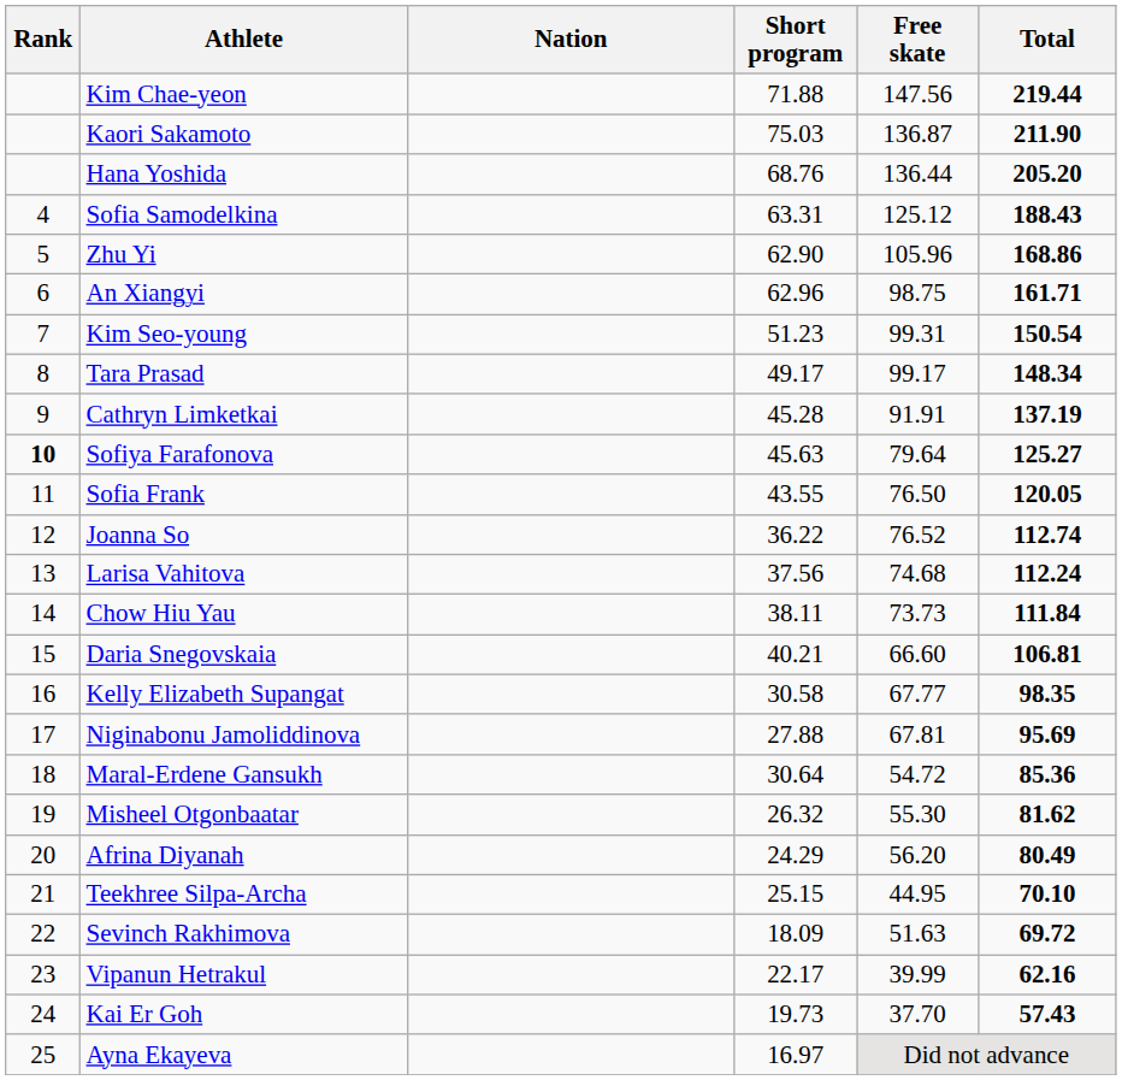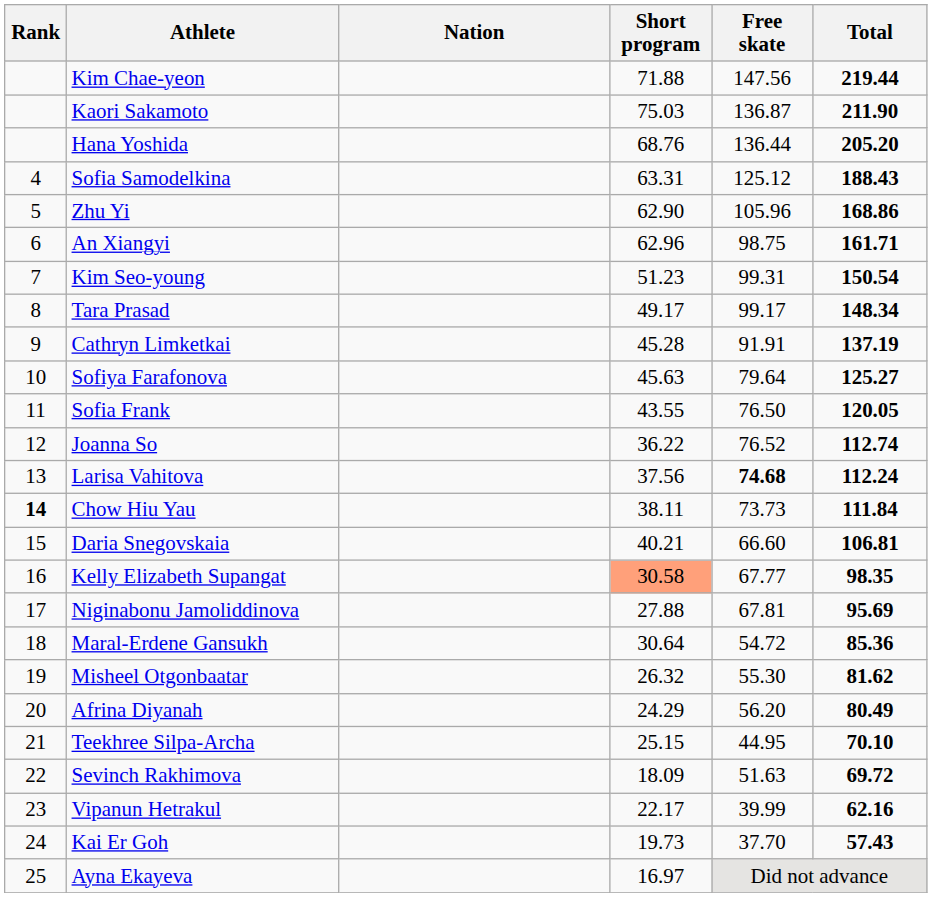 <table class="wikitable sortable" style="text-align:center" sortable>
 <tr>
 <th width=40>Rank</th>
 <th width=200>Athlete</th>
 <th width=200>Nation</th>
 <th width=70>Short program</th>
 <th width=70>Free skate</th>
 <th width=80>Total</th>
 </tr>
 <tr>
 <td></td>
 <td align=left><a href='#'>Kim Chae-yeon</a></td>
 <td align=left></td>
 <td>71.88</td>
 <td>147.56</td>
 <td><strong>219.44</strong></td>
 </tr>
 <tr>
 <td></td>
 <td align=left><a href='#'>Kaori Sakamoto</a></td>
 <td align=left></td>
 <td>75.03</td>
 <td>136.87</td>
 <td><strong>211.90</strong></td>
 </tr>
 <tr>
 <td></td>
 <td align=left><a href='#'>Hana Yoshida</a></td>
 <td align=left></td>
 <td>68.76</td>
 <td>136.44</td>
 <td><strong>205.20</strong></td>
 </tr>
 <tr>
 <td>4</td>
 <td align=left><a href='#'>Sofia Samodelkina</a></td>
 <td align=left></td>
 <td>63.31</td>
 <td>125.12</td>
 <td><strong>188.43</strong></td>
 </tr>
 <tr>
 <td>5</td>
 <td align=left><a href='#'>Zhu Yi</a></td>
 <td align=left></td>
 <td>62.90</td>
 <td>105.96</td>
 <td><strong>168.86</strong></td>
 </tr>
 <tr>
 <td>6</td>
 <td align=left><a href='#'>An Xiangyi</a></td>
 <td align=left></td>
 <td>62.96</td>
 <td>98.75</td>
 <td><strong>161.71</strong></td>
 </tr>
 <tr>
 <td>7</td>
 <td align=left><a href='#'>Kim Seo-young</a></td>
 <td align=left></td>
 <td>51.23</td>
 <td>99.31</td>
 <td><strong>150.54</strong></td>
 </tr>
 <tr>
 <td>8</td>
 <td align=left><a href='#'>Tara Prasad</a></td>
 <td align=left></td>
 <td>49.17</td>
 <td>99.17</td>
 <td><strong>148.34</strong></td>
 </tr>
 <tr>
 <td>9</td>
 <td align=left><a href='#'>Cathryn Limketkai</a></td>
 <td align=left></td>
 <td>45.28</td>
 <td>91.91</td>
 <td><strong>137.19</strong></td>
 </tr>
 <tr>
-<td><strong>10</strong></td>
+<td>10</td>
 <td align=left><a href='#'>Sofiya Farafonova</a></td>
 <td align=left></td>
 <td>45.63</td>
 <td>79.64</td>
 <td><strong>125.27</strong></td>
 </tr>
 <tr>
 <td>11</td>
 <td align=left><a href='#'>Sofia Frank</a></td>
 <td align=left></td>
 <td>43.55</td>
 <td>76.50</td>
 <td><strong>120.05</strong></td>
 </tr>
 <tr>
 <td>12</td>
 <td align=left><a href='#'>Joanna So</a></td>
 <td align=left></td>
 <td>36.22</td>
 <td>76.52</td>
 <td><strong>112.74</strong></td>
 </tr>
 <tr>
 <td>13</td>
 <td align=left><a href='#'>Larisa Vahitova</a></td>
 <td align=left></td>
 <td>37.56</td>
-<td>74.68</td>
+<td><strong>74.68</strong></td>
 <td><strong>112.24</strong></td>
 </tr>
 <tr>
-<td>14</td>
+<td><strong>14</strong></td>
 <td align=left><a href='#'>Chow Hiu Yau</a></td>
 <td align=left></td>
 <td>38.11</td>
 <td>73.73</td>
 <td><strong>111.84</strong></td>
 </tr>
 <tr>
 <td>15</td>
 <td align=left><a href='#'>Daria Snegovskaia</a></td>
 <td align=left></td>
 <td>40.21</td>
 <td>66.60</td>
 <td><strong>106.81</strong></td>
 </tr>
 <tr>
 <td>16</td>
 <td align=left><a href='#'>Kelly Elizabeth Supangat</a></td>
 <td align=left></td>
-<td>30.58</td>
+<td style="background: lightsalmon;">30.58</td>
 <td>67.77</td>
 <td><strong>98.35</strong></td>
 </tr>
 <tr>
 <td>17</td>
 <td align=left><a href='#'>Niginabonu Jamoliddinova</a></td>
 <td align=left></td>
 <td>27.88</td>
 <td>67.81</td>
 <td><strong>95.69</strong></td>
 </tr>
 <tr>
 <td>18</td>
 <td align=left><a href='#'>Maral-Erdene Gansukh</a></td>
 <td align=left></td>
 <td>30.64</td>
 <td>54.72</td>
 <td><strong>85.36</strong></td>
 </tr>
 <tr>
 <td>19</td>
 <td align=left><a href='#'>Misheel Otgonbaatar</a></td>
 <td align=left></td>
 <td>26.32</td>
 <td>55.30</td>
 <td><strong>81.62</strong></td>
 </tr>
 <tr>
 <td>20</td>
 <td align=left><a href='#'>Afrina Diyanah</a></td>
 <td align=left></td>
 <td>24.29</td>
 <td>56.20</td>
 <td><strong>80.49</strong></td>
 </tr>
 <tr>
 <td>21</td>
 <td align=left><a href='#'>Teekhree Silpa-Archa</a></td>
 <td align=left></td>
 <td>25.15</td>
 <td>44.95</td>
 <td><strong>70.10</strong></td>
 </tr>
 <tr>
 <td>22</td>
 <td align=left><a href='#'>Sevinch Rakhimova</a></td>
 <td align=left></td>
 <td>18.09</td>
 <td>51.63</td>
 <td><strong>69.72</strong></td>
 </tr>
 <tr>
 <td>23</td>
 <td align=left><a href='#'>Vipanun Hetrakul</a></td>
 <td align=left></td>
 <td>22.17</td>
 <td>39.99</td>
 <td><strong>62.16</strong></td>
 </tr>
 <tr>
 <td>24</td>
 <td align=left><a href='#'>Kai Er Goh</a></td>
 <td align=left></td>
 <td>19.73</td>
 <td>37.70</td>
 <td><strong>57.43</strong></td>
 </tr>
 <tr>
 <td>25</td>
 <td align=left><a href='#'>Ayna Ekayeva</a></td>
 <td align=left></td>
 <td>16.97</td>
 <td bgcolor="e5e4e2" colspan=2>Did not advance</td>
 </tr>
 </table>
